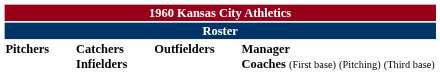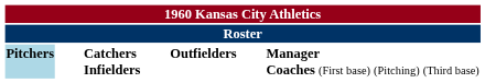 <table class="toccolours" style="font-size: 95%;">
 <tr>
 <th colspan="10" style="background-color: #960018; color: white; text-align: center;">1960 Kansas City Athletics</th>
 </tr>
 <tr>
 <td colspan="10" style="background-color: #003366; color: white; text-align: center;"><strong>Roster</strong></td>
 </tr>
 <tr>
-<td valign="top"><strong>Pitchers</strong><br>                 </td>
+<td valign="top" style="background: lightblue;"><strong>Pitchers</strong><br>                 </td>
 <td width="25px"></td>
 <td valign="top"><strong>Catchers</strong><br>    <strong>Infielders</strong>           </td>
 <td width="25px"></td>
 <td valign="top"><strong>Outfielders</strong><br>       </td>
 <td width="25px"></td>
 <td valign="top"><strong>Manager</strong><br> <strong>Coaches</strong>  <small>(First base)</small>  <small>(Pitching)</small>  <small>(Third base)</small></td>
 </tr>
 </table>
